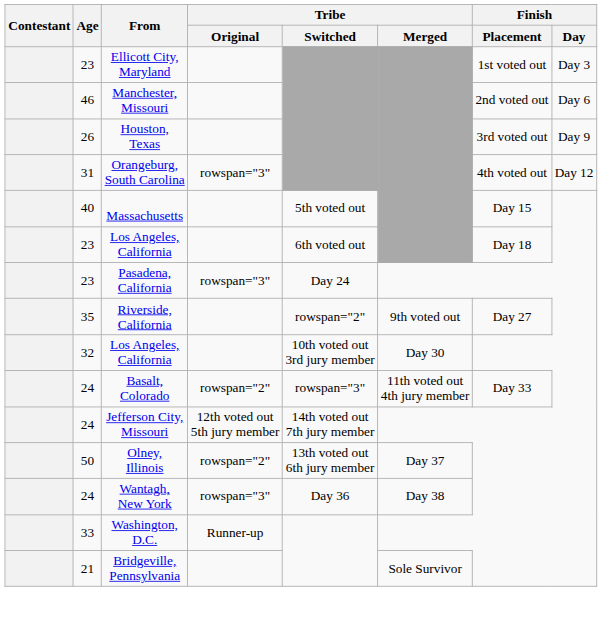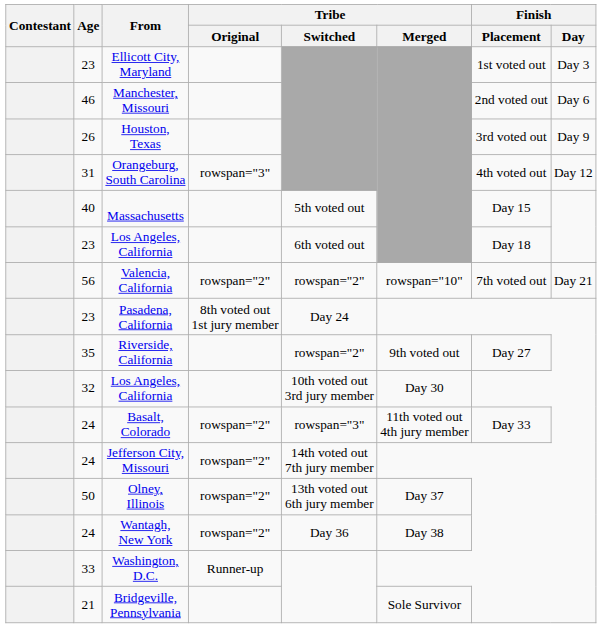 <table class="wikitable sortable" style="margin:auto; text-align:center;">
 <tr>
 <th rowspan="2" scope="col">Contestant</th>
 <th rowspan="2" scope="col">Age</th>
 <th rowspan="2" scope="col" class=unsortable>From</th>
 <th colspan="3" scope="colgroup">Tribe</th>
 <th colspan="2" scope="colgroup">Finish</th>
 </tr>
 <tr>
 <th scope="col">Original</th>
 <th scope="col">Switched</th>
 <th scope="col" class=unsortable>Merged</th>
 <th scope="col" class=unsortable>Placement</th>
 <th scope="col" class=unsortable>Day</th>
 </tr>
 <tr>
 <th scope="row" style="text-align:left;"></th>
 <td>23</td>
 <td><a href='#'>Ellicott City,<br>Maryland</a></td>
 <td></td>
 <td rowspan="4" style="background-color:darkgrey;"></td>
 <td rowspan="6" style="background-color:darkgrey;"></td>
 <td>1st voted out</td>
 <td>Day 3</td>
 </tr>
 <tr>
 <th scope="row" style="text-align:left;"></th>
 <td>46</td>
 <td><a href='#'>Manchester,<br>Missouri</a></td>
 <td></td>
 <td>2nd voted out</td>
 <td>Day 6</td>
 </tr>
 <tr>
 <th scope="row" style="text-align:left;"></th>
 <td>26</td>
 <td><a href='#'>Houston,<br>Texas</a></td>
 <td></td>
 <td>3rd voted out</td>
 <td>Day 9</td>
 </tr>
 <tr>
 <th scope="row" style="text-align:left;"></th>
 <td>31</td>
 <td><a href='#'>Orangeburg,<br>South Carolina</a></td>
 <td>rowspan="3" </td>
 <td>4th voted out</td>
 <td>Day 12</td>
 </tr>
 <tr>
 <th scope="row" style="text-align:left;"></th>
 <td>40</td>
 <td><a href='#'><br>Massachusetts</a></td>
 <td></td>
 <td>5th voted out</td>
 <td>Day 15</td>
 </tr>
 <tr>
 <th scope="row" style="text-align:left;"></th>
 <td>23</td>
 <td><a href='#'>Los Angeles,<br>California</a></td>
 <td></td>
 <td>6th voted out</td>
 <td>Day 18</td>
 </tr>
 <tr>
 <th scope="row" style="text-align:left;"></th>
+<td>56</td>
+<td><a href='#'>Valencia,<br>California</a></td>
+<td>rowspan="2" </td>
+<td>rowspan="2" </td>
+<td>rowspan="10" </td>
+<td>7th voted out</td>
+<td>Day 21</td>
+</tr>
+<tr>
+<th scope="row" style="text-align:left;"></th>
 <td>23</td>
 <td><a href='#'>Pasadena,<br>California</a></td>
-<td>rowspan="3" </td>
+<td>8th voted out<br>1st jury member</td>
 <td>Day 24</td>
 </tr>
 <tr>
 <th scope="row" style="text-align:left;"></th>
 <td>35</td>
 <td><a href='#'>Riverside,<br>California</a></td>
 <td></td>
 <td>rowspan="2" </td>
 <td>9th voted out<br></td>
 <td>Day 27</td>
 </tr>
 <tr>
 <th scope="row" style="text-align:left;"></th>
 <td>32</td>
 <td><a href='#'>Los Angeles,<br>California</a></td>
 <td></td>
 <td>10th voted out<br>3rd jury member</td>
 <td>Day 30</td>
 </tr>
 <tr>
 <th scope="row" style="text-align:left;"></th>
 <td>24</td>
 <td><a href='#'>Basalt,<br>Colorado</a></td>
 <td>rowspan="2" </td>
 <td>rowspan="3" </td>
 <td>11th voted out<br>4th jury member</td>
 <td>Day 33</td>
 </tr>
 <tr>
 <th scope="row" style="text-align:left;"></th>
 <td>24</td>
 <td><a href='#'>Jefferson City,<br>Missouri</a></td>
-<td>12th voted out<br>5th jury member</td>
+<td>rowspan="2" </td>
 <td>14th voted out<br>7th jury member</td>
 </tr>
 <tr>
 <th scope="row" style="text-align:left;"></th>
 <td>50</td>
 <td><a href='#'>Olney,<br>Illinois</a></td>
 <td>rowspan="2" </td>
 <td>13th voted out<br>6th jury member</td>
 <td>Day 37</td>
 </tr>
 <tr>
 <th scope="row" style="text-align:left;"></th>
 <td>24</td>
 <td><a href='#'>Wantagh,<br>New York</a></td>
-<td>rowspan="3" </td>
+<td>rowspan="2" </td>
 <td>Day 36</td>
 <td>Day 38</td>
 </tr>
 <tr>
 <th scope="row" style="text-align:left;"></th>
 <td>33</td>
 <td><a href='#'>Washington,<br>D.C.</a></td>
 <td>Runner-up</td>
 <td rowspan="2"></td>
 </tr>
 <tr>
 <th scope="row" style="text-align:left;"></th>
 <td>21</td>
 <td><a href='#'>Bridgeville,<br>Pennsylvania</a></td>
 <td></td>
 <td>Sole Survivor</td>
 </tr>
 </table>
